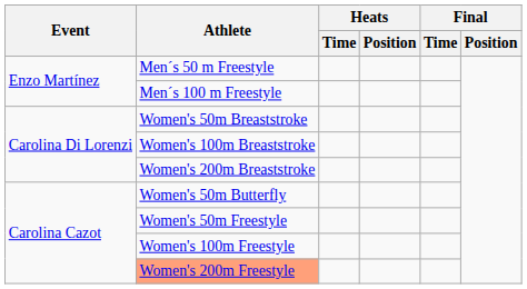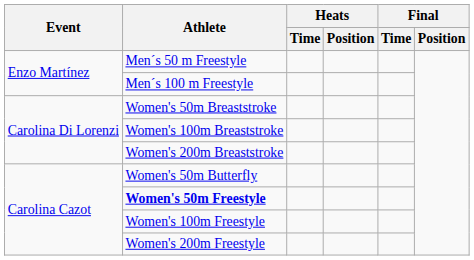 <table class="wikitable" border="1" style="font-size:90%">
 <tr>
 <th rowspan=2>Event</th>
 <th rowspan=2>Athlete</th>
 <th colspan=2>Heats</th>
 <th colspan=2>Final</th>
 </tr>
 <tr>
 <th>Time</th>
 <th>Position</th>
 <th>Time</th>
 <th>Position</th>
 </tr>
 <tr>
 <td rowspan="2"><a href='#'>Enzo Martínez</a></td>
 <td><a href='#'>Men´s 50 m Freestyle</a></td>
 <td align=center></td>
 <td align=center></td>
 <td align=center></td>
 </tr>
 <tr>
 <td><a href='#'>Men´s 100 m Freestyle</a></td>
 <td align=center></td>
 <td align=center></td>
 <td align=center></td>
 </tr>
 <tr>
 <td rowspan="3"><a href='#'>Carolina Di Lorenzi</a></td>
 <td><a href='#'>Women's 50m Breaststroke</a></td>
 <td align=center></td>
 <td align=center></td>
 <td align=center></td>
 </tr>
 <tr>
 <td><a href='#'>Women's 100m Breaststroke</a></td>
 <td align=center></td>
 <td align=center></td>
 <td align=center></td>
 </tr>
 <tr>
 <td><a href='#'>Women's 200m Breaststroke</a></td>
 <td align=center></td>
 <td align=center></td>
 <td align=center></td>
 </tr>
 <tr>
 <td rowspan="4"><a href='#'>Carolina Cazot</a></td>
 <td><a href='#'>Women's 50m Butterfly</a></td>
 <td align=center></td>
 <td align=center></td>
 <td align=center></td>
 </tr>
 <tr>
-<td><a href='#'>Women's 50m Freestyle</a></td>
+<td><strong><a href='#'>Women's 50m Freestyle</a></strong></td>
 <td align=center></td>
 <td align=center></td>
 <td align=center></td>
 </tr>
 <tr>
 <td><a href='#'>Women's 100m Freestyle</a></td>
 <td align=center></td>
 <td align=center></td>
 <td align=center></td>
 </tr>
 <tr>
-<td style="background: lightsalmon;"><a href='#'>Women's 200m Freestyle</a></td>
+<td><a href='#'>Women's 200m Freestyle</a></td>
 <td align=center></td>
 <td align=center></td>
 <td align=center></td>
 </tr>
 </table>
